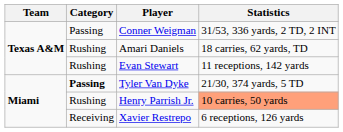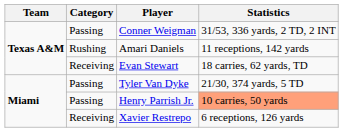 <table class="wikitable" style="float: right;">
 <tr>
 <th>Team</th>
 <th>Category</th>
 <th>Player</th>
 <th>Statistics</th>
 </tr>
 <tr>
 <td rowspan=3><strong>Texas A&M</strong></td>
 <td>Passing</td>
 <td><a href='#'>Conner Weigman</a></td>
 <td>31/53, 336 yards, 2 TD, 2 INT</td>
 </tr>
 <tr>
 <td>Rushing</td>
 <td>Amari Daniels</td>
+<td>11 receptions, 142 yards</td>
+</tr>
+<tr>
+<td>Receiving</td>
+<td><a href='#'>Evan Stewart</a></td>
 <td>18 carries, 62 yards, TD</td>
 </tr>
 <tr>
-<td>Rushing</td>
-<td><a href='#'>Evan Stewart</a></td>
-<td>11 receptions, 142 yards</td>
-</tr>
-<tr>
 <td rowspan=3><strong>Miami</strong></td>
-<td><strong>Passing</strong></td>
+<td>Passing</td>
 <td><a href='#'>Tyler Van Dyke</a></td>
 <td>21/30, 374 yards, 5 TD</td>
 </tr>
 <tr>
-<td>Rushing</td>
+<td>Passing</td>
 <td><a href='#'>Henry Parrish Jr.</a></td>
 <td style="background: lightsalmon;">10 carries, 50 yards</td>
 </tr>
 <tr>
 <td>Receiving</td>
 <td><a href='#'>Xavier Restrepo</a></td>
 <td>6 receptions, 126 yards</td>
 </tr>
 </table>
